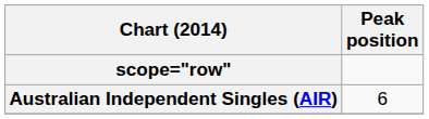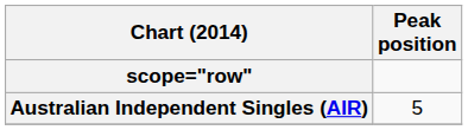 <table class="wikitable plainrowheaders" style="text-align:center;">
 <tr>
 <th scope="col">Chart (2014)</th>
 <th scope="col">Peak<br>position</th>
 </tr>
 <tr>
 <th>scope="row"</th>
 </tr>
 <tr>
 <th scope="row">Australian Independent Singles (<a href='#'>AIR</a>)</th>
-<td>6</td>
+<td>5</td>
 </tr>
 <tr>
 </tr>
 </table>
